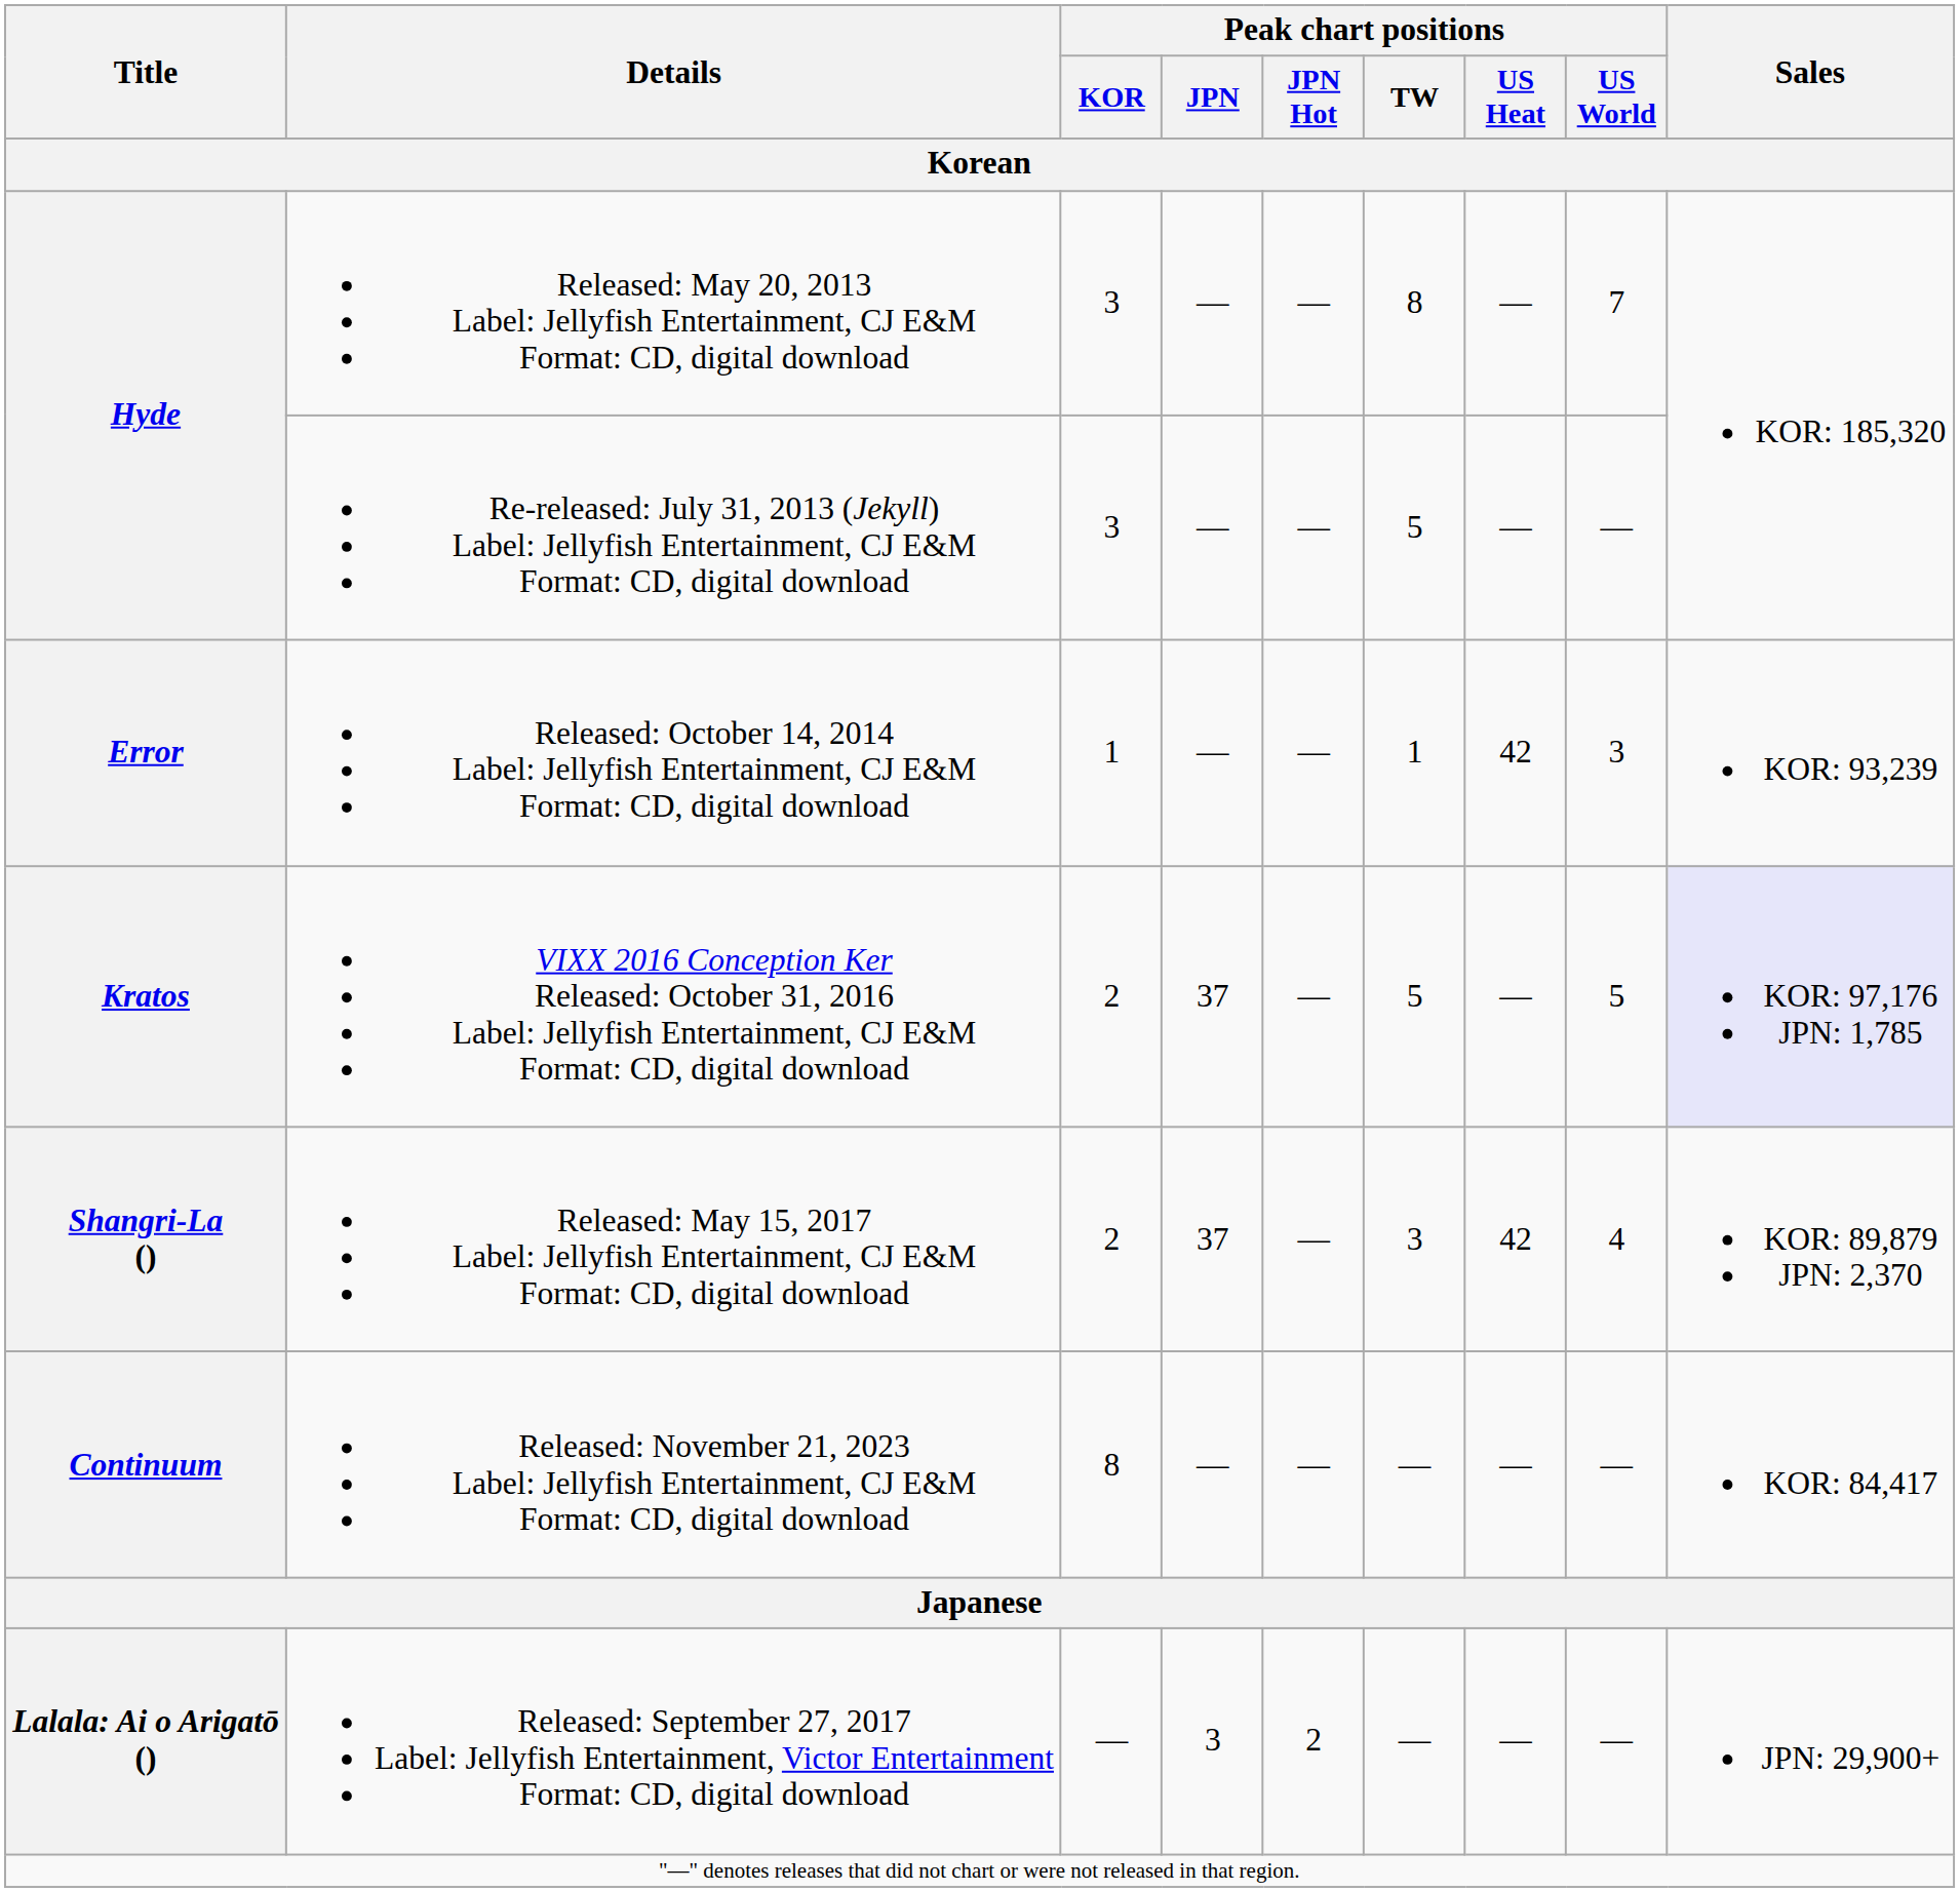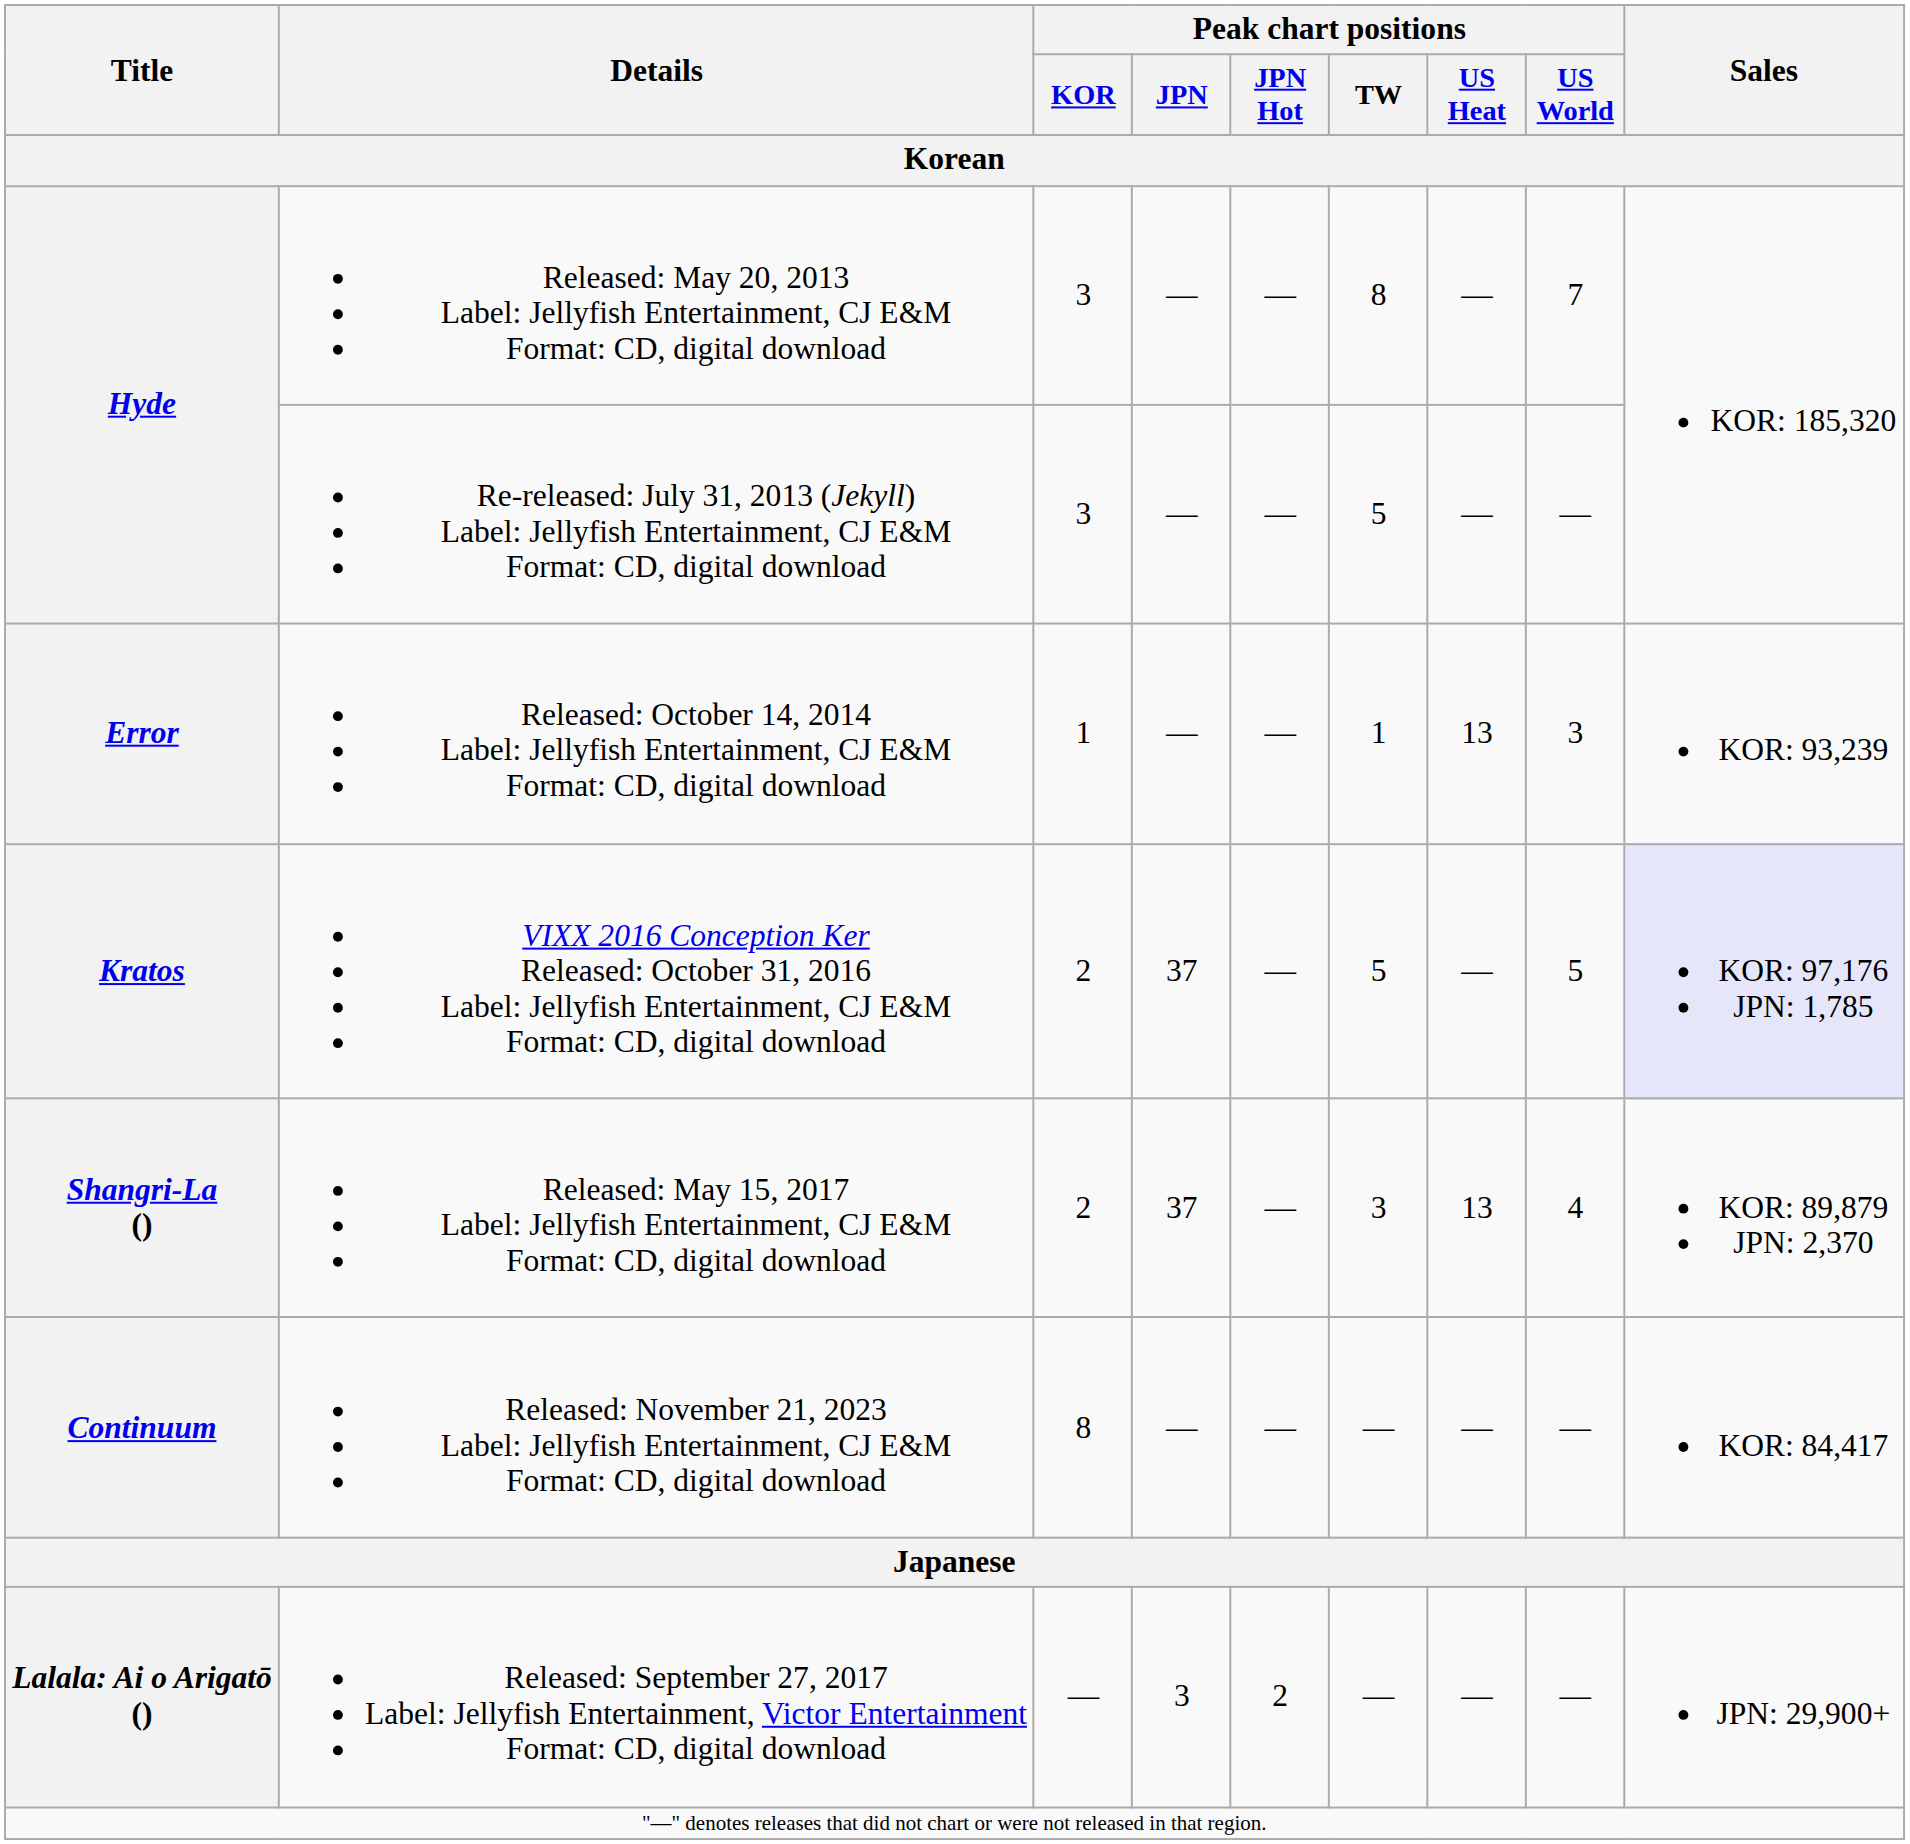 <table class="wikitable plainrowheaders" style="text-align:center;">
 <tr>
 <th scope="col" rowspan="2">Title</th>
 <th scope="col" rowspan="2">Details</th>
 <th scope="col" colspan="6">Peak chart positions</th>
 <th scope="col" rowspan="2">Sales</th>
 </tr>
 <tr>
 <th scope="col" style="width:3em;font-size:90%"><a href='#'>KOR</a><br></th>
 <th scope="col" style="width:3em;font-size:90%"><a href='#'>JPN</a><br></th>
 <th scope="col" style="width:3em;font-size:90%;"><a href='#'>JPN<br>Hot</a><br></th>
 <th scope="col" style="width:3em;font-size:90%;">TW<br></th>
 <th scope="col" style="width:3em;font-size:90%"><a href='#'>US<br>Heat</a><br></th>
 <th scope="col" style="width:3em;font-size:90%"><a href='#'>US<br>World</a><br></th>
 </tr>
 <tr>
 <th colspan="10">Korean</th>
 </tr>
 <tr>
 <th scope="row" rowspan="2"><em><a href='#'>Hyde</a></em></th>
 <td><br><ul><li>Released: May 20, 2013</li><li>Label: Jellyfish Entertainment, CJ E&M</li><li>Format: CD, digital download</li></ul></td>
 <td>3</td>
 <td>—</td>
 <td>—</td>
 <td>8</td>
 <td>—</td>
 <td>7</td>
 <td style="text-align:left;" rowspan=2><br><ul><li>KOR: 185,320</li></ul></td>
 </tr>
 <tr>
 <td><br><ul><li>Re-released: July 31, 2013 (<em>Jekyll</em>)</li><li>Label: Jellyfish Entertainment, CJ E&M</li><li>Format: CD, digital download</li></ul></td>
 <td>3</td>
 <td>—</td>
 <td>—</td>
 <td>5</td>
 <td>—</td>
 <td>—</td>
 </tr>
 <tr>
 <th scope="row"><em><a href='#'>Error</a></em></th>
 <td><br><ul><li>Released: October 14, 2014</li><li>Label: Jellyfish Entertainment, CJ E&M</li><li>Format: CD, digital download</li></ul></td>
 <td>1</td>
 <td>—</td>
 <td>—</td>
 <td>1</td>
-<td>42</td>
+<td>13</td>
 <td>3</td>
 <td><br><ul><li>KOR: 93,239</li></ul></td>
 </tr>
 <tr>
 <th scope="row"><em><a href='#'>Kratos</a></em></th>
 <td><br><ul><li><em><a href='#'>VIXX 2016 Conception Ker</a></em></li><li>Released: October 31, 2016</li><li>Label: Jellyfish Entertainment, CJ E&M</li><li>Format: CD, digital download</li></ul></td>
 <td>2</td>
 <td>37</td>
 <td>—</td>
 <td>5</td>
 <td>—</td>
 <td>5</td>
 <td style="background: lavender;"><br><ul><li>KOR: 97,176</li><li>JPN: 1,785</li></ul></td>
 </tr>
 <tr>
 <th scope="row"><em><a href='#'>Shangri-La</a></em><br>()</th>
 <td><br><ul><li>Released: May 15, 2017</li><li>Label: Jellyfish Entertainment, CJ E&M</li><li>Format: CD, digital download</li></ul></td>
 <td>2</td>
 <td>37</td>
 <td>—</td>
 <td>3</td>
-<td>42</td>
+<td>13</td>
 <td>4</td>
 <td><br><ul><li>KOR: 89,879</li><li>JPN: 2,370</li></ul></td>
 </tr>
 <tr>
 <th scope="row"><em><a href='#'>Continuum</a></em></th>
 <td><br><ul><li>Released: November 21, 2023</li><li>Label: Jellyfish Entertainment, CJ E&M</li><li>Format: CD, digital download</li></ul></td>
 <td>8</td>
 <td>—</td>
 <td>—</td>
 <td>—</td>
 <td>—</td>
 <td>—</td>
 <td><br><ul><li>KOR: 84,417</li></ul></td>
 </tr>
 <tr>
 <th colspan="10">Japanese</th>
 </tr>
 <tr>
 <th scope="row"><em>Lalala: Ai o Arigatō</em><br>()</th>
 <td><br><ul><li>Released: September 27, 2017</li><li>Label: Jellyfish Entertainment, <a href='#'>Victor Entertainment</a></li><li>Format: CD, digital download</li></ul></td>
 <td>—</td>
 <td>3</td>
 <td>2</td>
 <td>—</td>
 <td>—</td>
 <td>—</td>
 <td><br><ul><li>JPN: 29,900+</li></ul></td>
 </tr>
 <tr>
 <td colspan="10" style="font-size:8pt;">"—" denotes releases that did not chart or were not released in that region.</td>
 </tr>
 </table>
